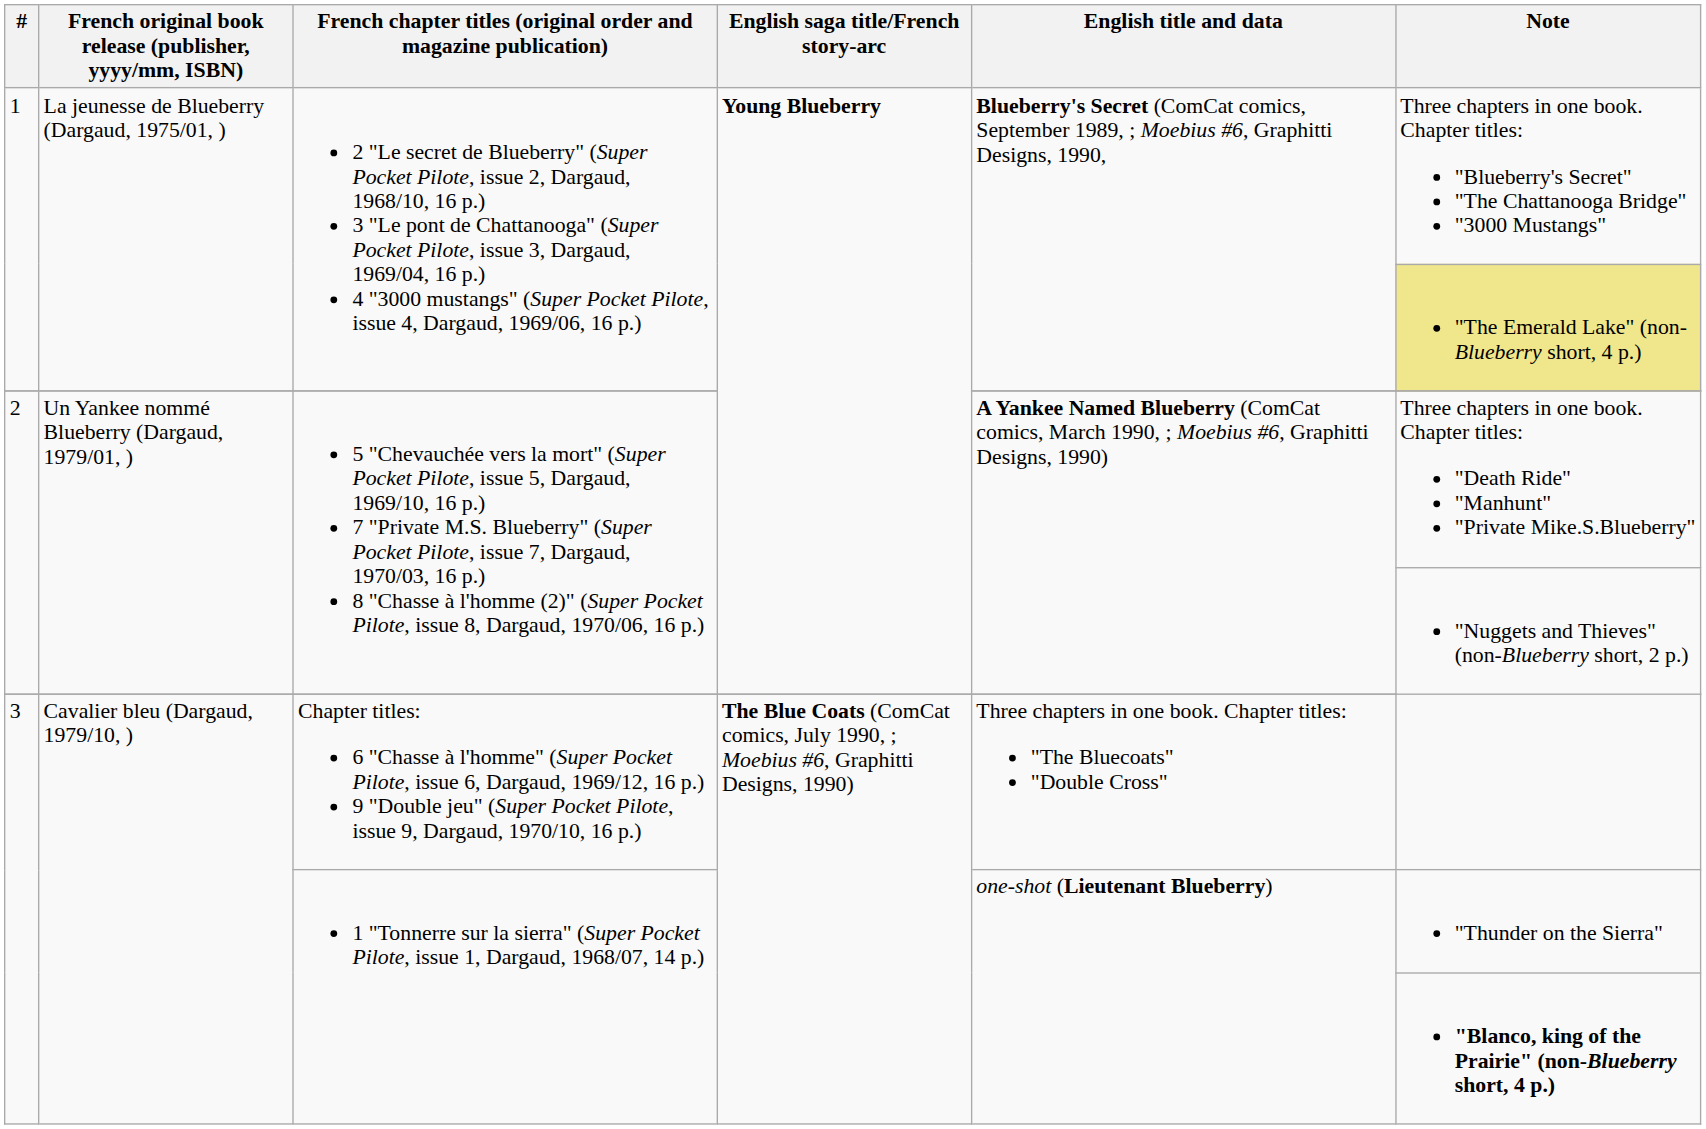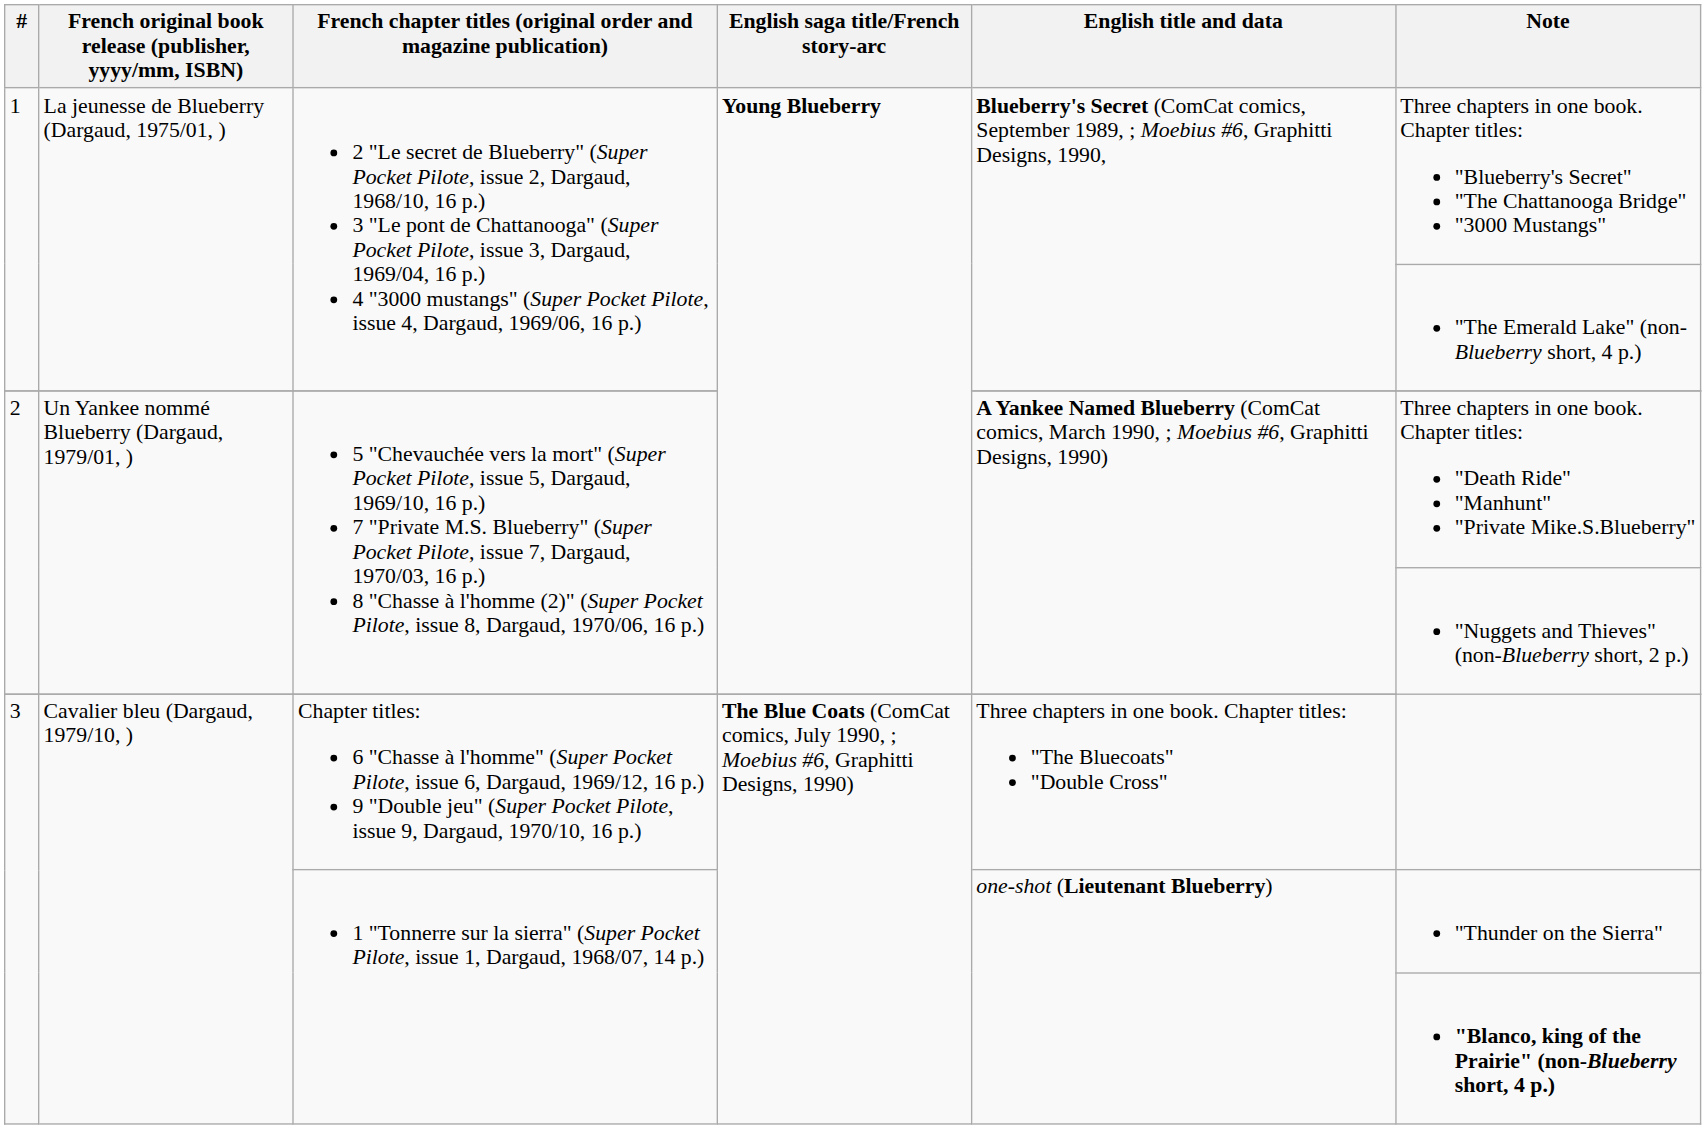 <table | class="wikitable">
 <tr valign="top">
 <th width="2%"><strong>#</strong></th>
 <th width="15%"><strong>French original book release (publisher, yyyy/mm, ISBN</strong><strong>)</strong></th>
 <th width="25%"><strong>French chapter titles (original order and magazine publication)</strong></th>
 <th width="15%"><strong>English saga title/French story-arc</strong></th>
 <th width="25%"><strong>English title and data</strong></th>
 <th width="18%"><strong>Note</strong></th>
 </tr>
 <tr valign="top">
 <td rowspan="2">1</td>
 <td rowspan="2">La jeunesse de Blueberry (Dargaud, 1975/01, )</td>
 <td rowspan="2"><br><ul><li>2 "Le secret de Blueberry" (<em>Super Pocket Pilote</em>, issue 2, Dargaud, 1968/10, 16 p.)</li><li>3 "Le pont de Chattanooga" (<em>Super Pocket Pilote</em>, issue 3, Dargaud, 1969/04, 16 p.)</li><li>4 "3000 mustangs" (<em>Super Pocket Pilote</em>, issue 4, Dargaud, 1969/06, 16 p.)</li></ul></td>
 <td rowspan="5"><strong>Young Blueberry</strong></td>
 <td rowspan="2"><strong>Blueberry's Secret</strong> (ComCat comics, September 1989, ; <em>Moebius #6</em>, Graphitti Designs, 1990, </td>
 <td>Three chapters in one book. Chapter titles:<br><ul><li>"Blueberry's Secret"</li><li>"The Chattanooga Bridge"</li><li>"3000 Mustangs"</li></ul></td>
 </tr>
 <tr valign="top">
-<td style="background: khaki;"><br><ul><li>"The Emerald Lake" (non-<em>Blueberry</em> short, 4 p.)</li></ul></td>
+<td><br><ul><li>"The Emerald Lake" (non-<em>Blueberry</em> short, 4 p.)</li></ul></td>
 </tr>
 <tr>
 </tr>
 <tr valign="top">
 <td rowspan="2">2</td>
 <td rowspan="2">Un Yankee nommé Blueberry (Dargaud, 1979/01, )</td>
 <td rowspan="2"><br><ul><li>5 "Chevauchée vers la mort" (<em>Super Pocket Pilote</em>, issue 5, Dargaud, 1969/10, 16 p.)</li><li>7 "Private M.S. Blueberry" (<em>Super Pocket Pilote</em>, issue 7, Dargaud, 1970/03, 16 p.)</li><li>8 "Chasse à l'homme (2)" (<em>Super Pocket Pilote</em>, issue 8, Dargaud, 1970/06, 16 p.)</li></ul></td>
 <td rowspan="2"><strong>A Yankee Named Blueberry</strong> (ComCat comics, March 1990, ; <em>Moebius #6</em>, Graphitti Designs, 1990)</td>
 <td>Three chapters in one book. Chapter titles:<br><ul><li>"Death Ride"</li><li>"Manhunt"</li><li>"Private Mike.S.Blueberry"</li></ul></td>
 </tr>
 <tr valign="top">
 <td><br><ul><li>"Nuggets and Thieves" (non-<em>Blueberry</em> short, 2 p.)</li></ul></td>
 </tr>
 <tr>
 </tr>
 <tr valign="top">
 <td rowspan="3">3</td>
 <td rowspan="3">Cavalier bleu (Dargaud, 1979/10, )</td>
 <td>Chapter titles:<br><ul><li>6 "Chasse à l'homme" (<em>Super Pocket Pilote</em>, issue 6, Dargaud, 1969/12, 16 p.)</li><li>9 "Double jeu" (<em>Super Pocket Pilote</em>, issue 9, Dargaud, 1970/10, 16 p.)</li></ul></td>
 <td rowspan="3"><strong>The Blue Coats</strong>  (ComCat comics, July 1990, ; <em>Moebius #6</em>, Graphitti Designs, 1990)</td>
 <td>Three chapters in one book. Chapter titles:<br><ul><li>"The Bluecoats"</li><li>"Double Cross"</li></ul></td>
 </tr>
 <tr valign="top">
 <td rowspan="2"><br><ul><li>1 "Tonnerre sur la sierra" (<em>Super Pocket Pilote</em>, issue 1, Dargaud, 1968/07, 14 p.)</li></ul></td>
 <td rowspan="2"><em>one-shot</em> (<strong>Lieutenant Blueberry</strong>)</td>
 <td><br><ul><li>"Thunder on the Sierra"</li></ul></td>
 </tr>
 <tr valign="top">
 <td><strong><br><ul><li>"Blanco, king of the Prairie" (non-<em>Blueberry</em> short, 4 p.)</li></ul></strong></td>
 </tr>
 </table>
